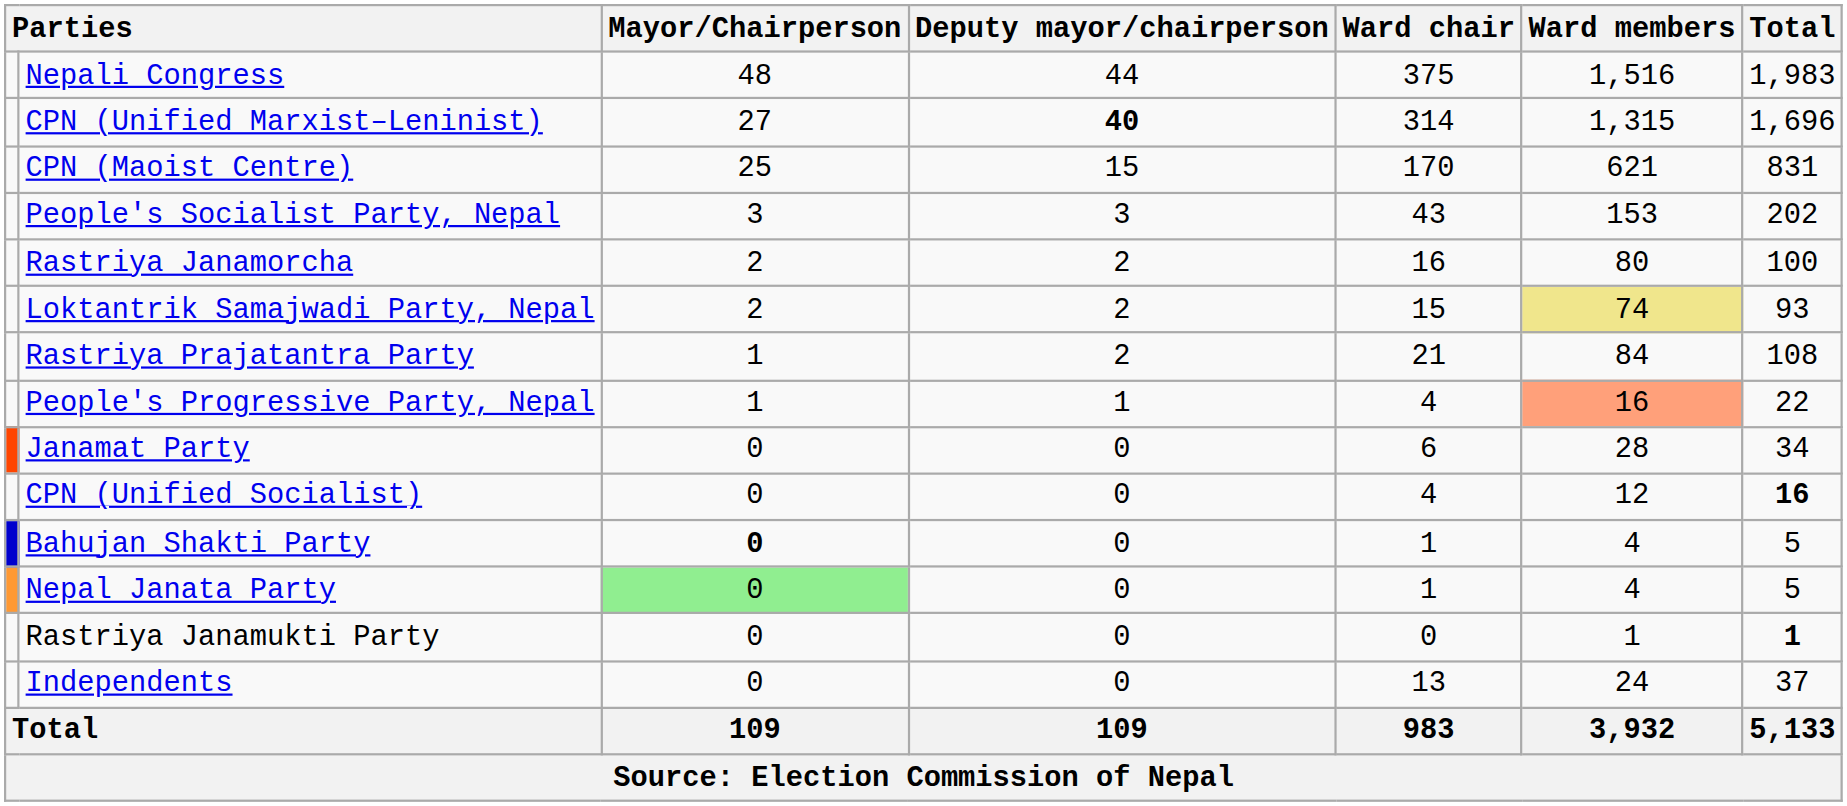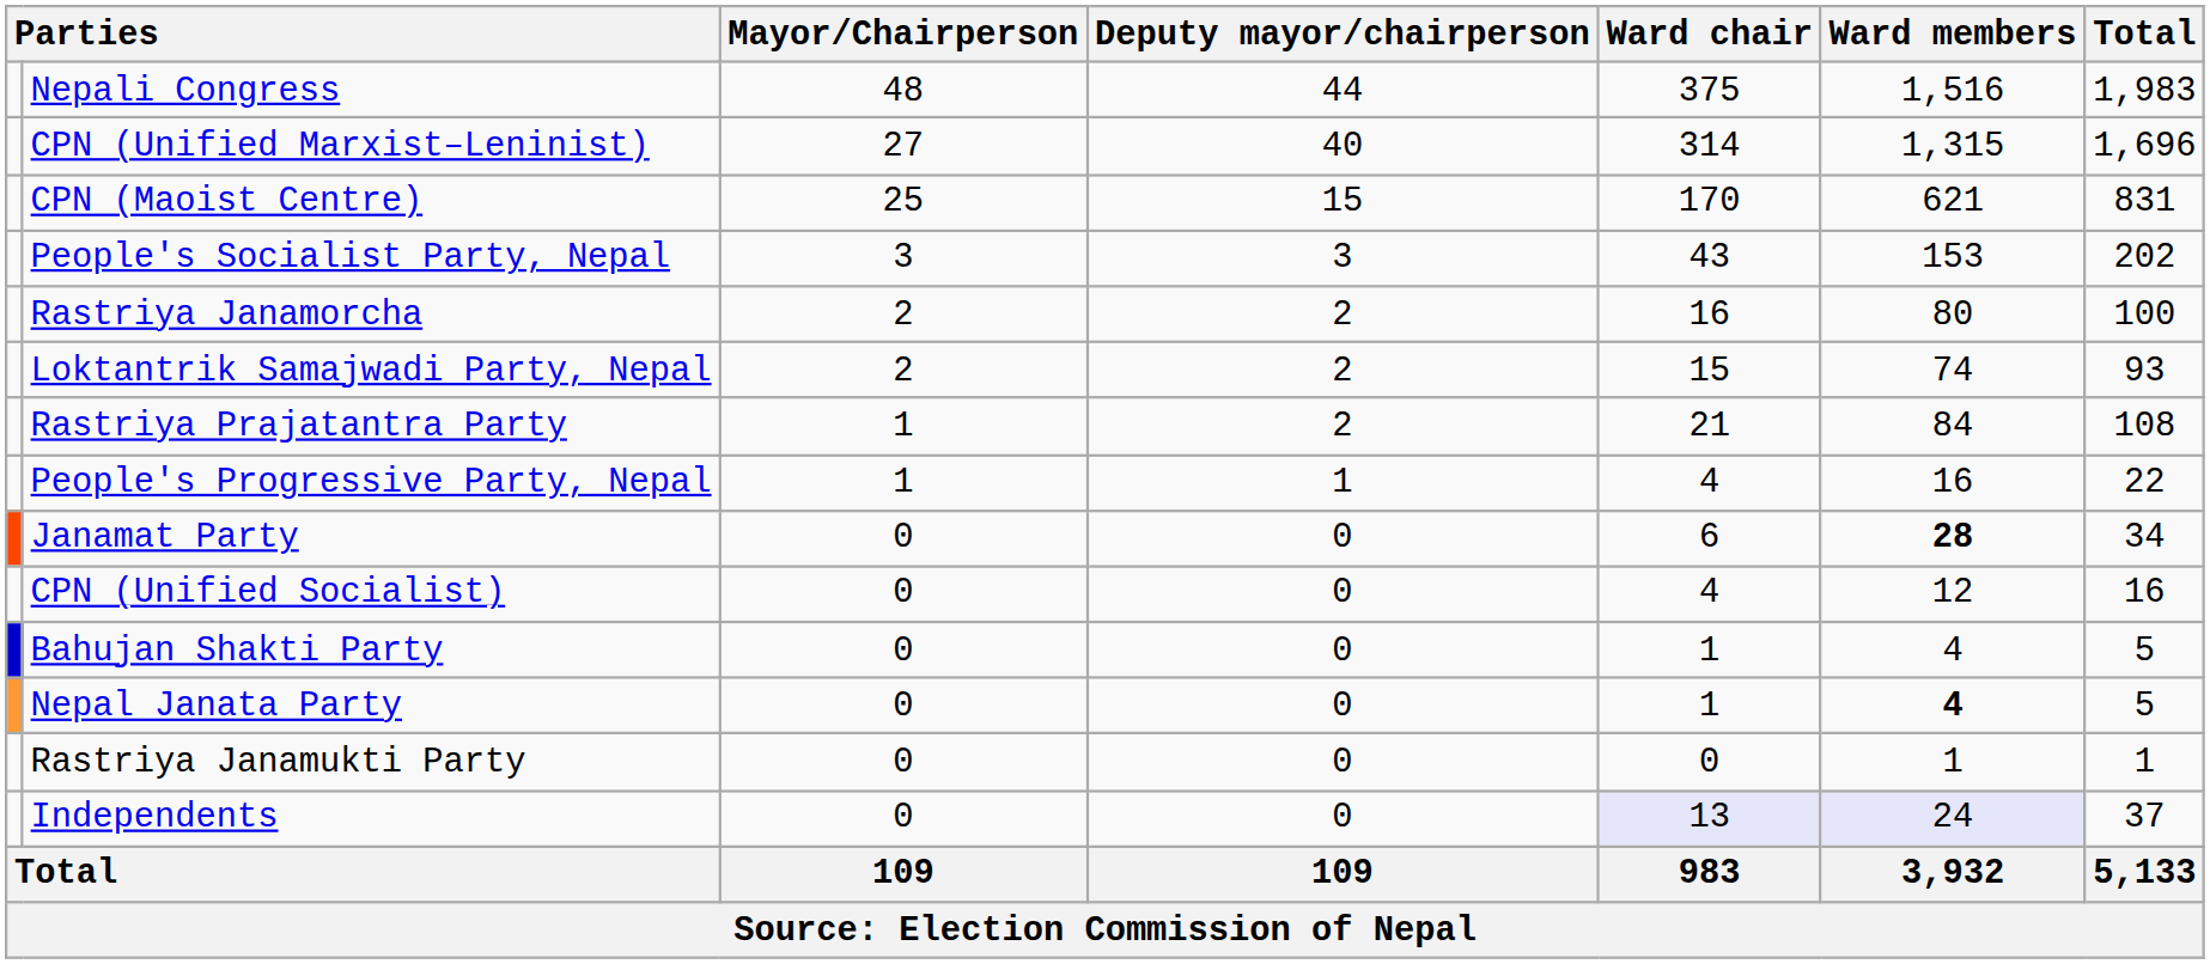 <table class="wikitable sortable" style="text-align:right">
 <tr>
 <th colspan="2" style="text-align:left;">Parties</th>
 <th>Mayor/Chairperson</th>
 <th>Deputy mayor/chairperson</th>
 <th>Ward chair</th>
 <th>Ward members</th>
 <th>Total</th>
 </tr>
 <tr>
 <td style="background-color:"></td>
 <td style="text-align:left;"><a href='#'>Nepali Congress</a></td>
 <td style="text-align:center;">48</td>
 <td style="text-align:center;">44</td>
 <td style="text-align:center;">375</td>
 <td style="text-align:center;">1,516</td>
 <td style="text-align:center;">1,983</td>
 </tr>
 <tr>
 <td style="background-color:"></td>
 <td style="text-align:left;"><a href='#'>CPN (Unified Marxist–Leninist)</a></td>
 <td style="text-align:center;">27</td>
-<td style="text-align:center;"><strong>40</strong></td>
+<td style="text-align:center;">40</td>
 <td style="text-align:center;">314</td>
 <td style="text-align:center;">1,315</td>
 <td style="text-align:center;">1,696</td>
 </tr>
 <tr>
 <td style="background-color:"></td>
 <td style="text-align:left;"><a href='#'>CPN (Maoist Centre)</a></td>
 <td style="text-align:center;">25</td>
 <td style="text-align:center;">15</td>
 <td style="text-align:center;">170</td>
 <td style="text-align:center;">621</td>
 <td style="text-align:center;">831</td>
 </tr>
 <tr>
 <td style="background-color:"></td>
 <td style="text-align:left;"><a href='#'>People's Socialist Party, Nepal</a></td>
 <td style="text-align:center;">3</td>
 <td style="text-align:center;">3</td>
 <td style="text-align:center;">43</td>
 <td style="text-align:center;">153</td>
 <td style="text-align:center;">202</td>
 </tr>
 <tr>
 <td style="background-color:"></td>
 <td style="text-align:left;"><a href='#'>Rastriya Janamorcha</a></td>
 <td style="text-align:center;">2</td>
 <td style="text-align:center;">2</td>
 <td style="text-align:center;">16</td>
 <td style="text-align:center;">80</td>
 <td style="text-align:center;">100</td>
 </tr>
 <tr>
 <td style="background-color:"></td>
 <td style="text-align:left;"><a href='#'>Loktantrik Samajwadi Party, Nepal</a></td>
 <td style="text-align:center;">2</td>
 <td style="text-align:center;">2</td>
 <td style="text-align:center;">15</td>
-<td style="background: khaki; text-align:center;">74</td>
+<td style="text-align:center;">74</td>
 <td style="text-align:center;">93</td>
 </tr>
 <tr>
 <td style="background-color:"></td>
 <td style="text-align:left;"><a href='#'>Rastriya Prajatantra Party</a></td>
 <td style="text-align:center;">1</td>
 <td style="text-align:center;">2</td>
 <td style="text-align:center;">21</td>
 <td style="text-align:center;">84</td>
 <td style="text-align:center;">108</td>
 </tr>
 <tr>
 <td style="background-color:"></td>
 <td style="text-align:left;"><a href='#'>People's Progressive Party, Nepal</a></td>
 <td style="text-align:center;">1</td>
 <td style="text-align:center;">1</td>
 <td style="text-align:center;">4</td>
-<td style="background: lightsalmon; text-align:center;">16</td>
+<td style="text-align:center;">16</td>
 <td style="text-align:center;">22</td>
 </tr>
 <tr>
 <td style="background-color:orangered"></td>
 <td style="text-align:left;"><a href='#'>Janamat Party</a></td>
 <td style="text-align:center;">0</td>
 <td style="text-align:center;">0</td>
 <td style="text-align:center;">6</td>
-<td style="text-align:center;">28</td>
+<td style="text-align:center;"><strong>28</strong></td>
 <td style="text-align:center;">34</td>
 </tr>
 <tr>
 <td style="background-color:"></td>
 <td style="text-align:left;"><a href='#'>CPN (Unified Socialist)</a></td>
 <td style="text-align:center;">0</td>
 <td style="text-align:center;">0</td>
 <td style="text-align:center;">4</td>
 <td style="text-align:center;">12</td>
-<td style="text-align:center;"><strong>16</strong></td>
+<td style="text-align:center;">16</td>
 </tr>
 <tr>
 <td style="background-color:mediumblue"></td>
 <td style="text-align:left;"><a href='#'>Bahujan Shakti Party</a></td>
-<td style="text-align:center;"><strong>0</strong></td>
+<td style="text-align:center;">0</td>
 <td style="text-align:center;">0</td>
 <td style="text-align:center;">1</td>
 <td style="text-align:center;">4</td>
 <td style="text-align:center;">5</td>
 </tr>
 <tr>
 <td style="background-color:#ff9933"></td>
 <td style="text-align:left;"><a href='#'>Nepal Janata Party</a></td>
-<td style="background: lightgreen; text-align:center;">0</td>
+<td style="text-align:center;">0</td>
 <td style="text-align:center;">0</td>
 <td style="text-align:center;">1</td>
-<td style="text-align:center;">4</td>
+<td style="text-align:center;"><strong>4</strong></td>
 <td style="text-align:center;">5</td>
 </tr>
 <tr>
 <td></td>
 <td style="text-align:left;">Rastriya Janamukti Party</td>
 <td style="text-align:center;">0</td>
 <td style="text-align:center;">0</td>
 <td style="text-align:center;">0</td>
 <td style="text-align:center;">1</td>
-<td style="text-align:center;"><strong>1</strong></td>
+<td style="text-align:center;">1</td>
 </tr>
 <tr>
 <td style="background-color:"></td>
 <td style="text-align:left;"><a href='#'>Independents</a></td>
 <td style="text-align:center;">0</td>
 <td style="text-align:center;">0</td>
-<td style="text-align:center;">13</td>
-<td style="text-align:center;">24</td>
+<td style="background: lavender; text-align:center;">13</td>
+<td style="background: lavender; text-align:center;">24</td>
 <td style="text-align:center;">37</td>
 </tr>
 <tr>
 <th colspan="2" style="text-align:left;">Total</th>
 <th>109</th>
 <th>109</th>
 <th>983</th>
 <th>3,932</th>
 <th>5,133</th>
 </tr>
 <tr>
 <th colspan="7">Source: Election Commission of Nepal</th>
 </tr>
 </table>
